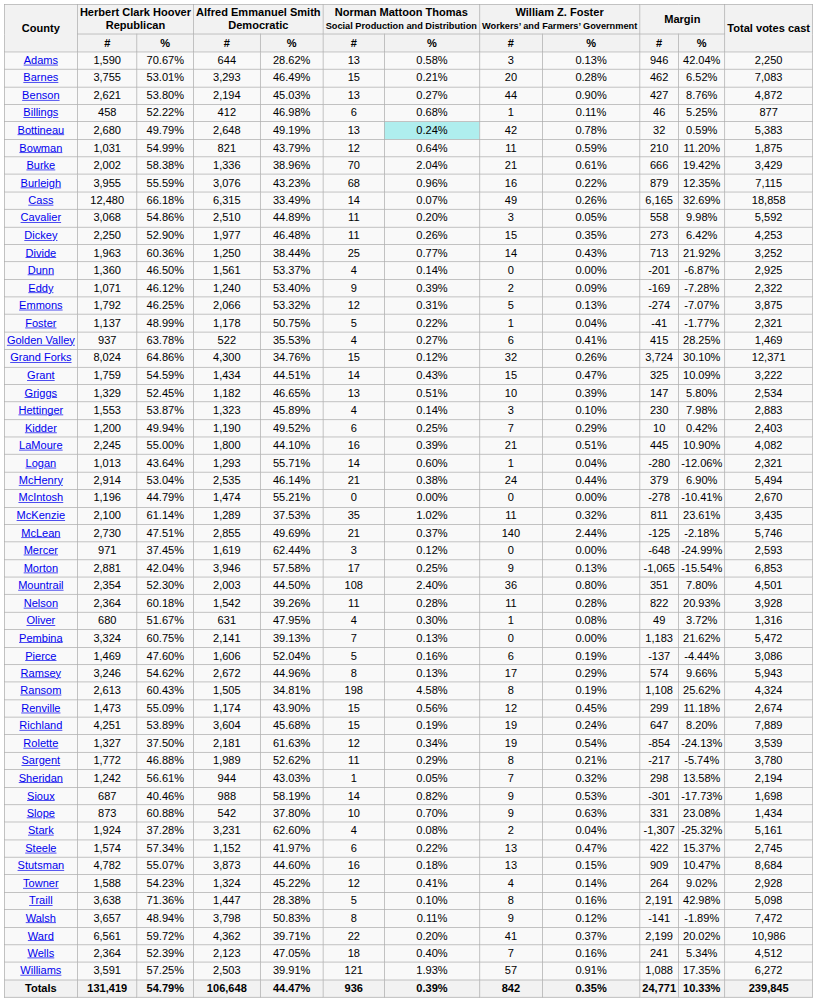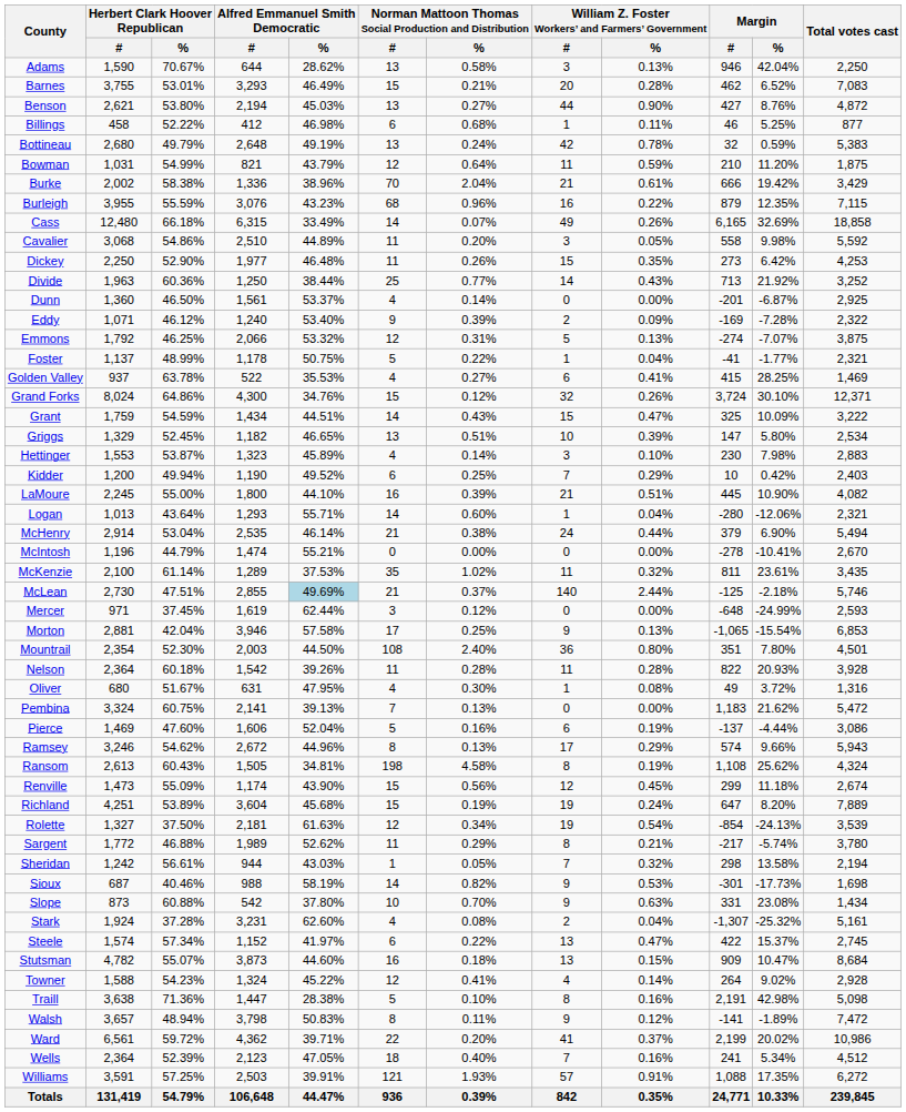 <table class="wikitable sortable">
 <tr>
 <th rowspan="2">County</th>
 <th colspan="2">Herbert Clark Hoover<br>Republican</th>
 <th colspan="2">Alfred Emmanuel Smith<br>Democratic</th>
 <th colspan="2">Norman Mattoon Thomas<br><small>Social Production and Distribution</small></th>
 <th colspan="2">William Z. Foster<br><small>Workers’ and Farmers’ Government</small></th>
 <th colspan="2">Margin</th>
 <th rowspan="2">Total votes cast</th>
 </tr>
 <tr style="text-align:center;">
 <th data-sort-type="number">#</th>
 <th data-sort-type="number">%</th>
 <th data-sort-type="number">#</th>
 <th data-sort-type="number">%</th>
 <th data-sort-type="number">#</th>
 <th data-sort-type="number">%</th>
 <th data-sort-type="number">#</th>
 <th data-sort-type="number">%</th>
 <th data-sort-type="number">#</th>
 <th data-sort-type="number">%</th>
 </tr>
 <tr style="text-align:center;">
 <td><a href='#'>Adams</a></td>
 <td>1,590</td>
 <td>70.67%</td>
 <td>644</td>
 <td>28.62%</td>
 <td>13</td>
 <td>0.58%</td>
 <td>3</td>
 <td>0.13%</td>
 <td>946</td>
 <td>42.04%</td>
 <td>2,250</td>
 </tr>
 <tr style="text-align:center;">
 <td><a href='#'>Barnes</a></td>
 <td>3,755</td>
 <td>53.01%</td>
 <td>3,293</td>
 <td>46.49%</td>
 <td>15</td>
 <td>0.21%</td>
 <td>20</td>
 <td>0.28%</td>
 <td>462</td>
 <td>6.52%</td>
 <td>7,083</td>
 </tr>
 <tr style="text-align:center;">
 <td><a href='#'>Benson</a></td>
 <td>2,621</td>
 <td>53.80%</td>
 <td>2,194</td>
 <td>45.03%</td>
 <td>13</td>
 <td>0.27%</td>
 <td>44</td>
 <td>0.90%</td>
 <td>427</td>
 <td>8.76%</td>
 <td>4,872</td>
 </tr>
 <tr style="text-align:center;">
 <td><a href='#'>Billings</a></td>
 <td>458</td>
 <td>52.22%</td>
 <td>412</td>
 <td>46.98%</td>
 <td>6</td>
 <td>0.68%</td>
 <td>1</td>
 <td>0.11%</td>
 <td>46</td>
 <td>5.25%</td>
 <td>877</td>
 </tr>
 <tr style="text-align:center;">
 <td><a href='#'>Bottineau</a></td>
 <td>2,680</td>
 <td>49.79%</td>
 <td>2,648</td>
 <td>49.19%</td>
 <td>13</td>
-<td style="background: paleturquoise;">0.24%</td>
+<td>0.24%</td>
 <td>42</td>
 <td>0.78%</td>
 <td>32</td>
 <td>0.59%</td>
 <td>5,383</td>
 </tr>
 <tr style="text-align:center;">
 <td><a href='#'>Bowman</a></td>
 <td>1,031</td>
 <td>54.99%</td>
 <td>821</td>
 <td>43.79%</td>
 <td>12</td>
 <td>0.64%</td>
 <td>11</td>
 <td>0.59%</td>
 <td>210</td>
 <td>11.20%</td>
 <td>1,875</td>
 </tr>
 <tr style="text-align:center;">
 <td><a href='#'>Burke</a></td>
 <td>2,002</td>
 <td>58.38%</td>
 <td>1,336</td>
 <td>38.96%</td>
 <td>70</td>
 <td>2.04%</td>
 <td>21</td>
 <td>0.61%</td>
 <td>666</td>
 <td>19.42%</td>
 <td>3,429</td>
 </tr>
 <tr style="text-align:center;">
 <td><a href='#'>Burleigh</a></td>
 <td>3,955</td>
 <td>55.59%</td>
 <td>3,076</td>
 <td>43.23%</td>
 <td>68</td>
 <td>0.96%</td>
 <td>16</td>
 <td>0.22%</td>
 <td>879</td>
 <td>12.35%</td>
 <td>7,115</td>
 </tr>
 <tr style="text-align:center;">
 <td><a href='#'>Cass</a></td>
 <td>12,480</td>
 <td>66.18%</td>
 <td>6,315</td>
 <td>33.49%</td>
 <td>14</td>
 <td>0.07%</td>
 <td>49</td>
 <td>0.26%</td>
 <td>6,165</td>
 <td>32.69%</td>
 <td>18,858</td>
 </tr>
 <tr style="text-align:center;">
 <td><a href='#'>Cavalier</a></td>
 <td>3,068</td>
 <td>54.86%</td>
 <td>2,510</td>
 <td>44.89%</td>
 <td>11</td>
 <td>0.20%</td>
 <td>3</td>
 <td>0.05%</td>
 <td>558</td>
 <td>9.98%</td>
 <td>5,592</td>
 </tr>
 <tr style="text-align:center;">
 <td><a href='#'>Dickey</a></td>
 <td>2,250</td>
 <td>52.90%</td>
 <td>1,977</td>
 <td>46.48%</td>
 <td>11</td>
 <td>0.26%</td>
 <td>15</td>
 <td>0.35%</td>
 <td>273</td>
 <td>6.42%</td>
 <td>4,253</td>
 </tr>
 <tr style="text-align:center;">
 <td><a href='#'>Divide</a></td>
 <td>1,963</td>
 <td>60.36%</td>
 <td>1,250</td>
 <td>38.44%</td>
 <td>25</td>
 <td>0.77%</td>
 <td>14</td>
 <td>0.43%</td>
 <td>713</td>
 <td>21.92%</td>
 <td>3,252</td>
 </tr>
 <tr style="text-align:center;">
 <td><a href='#'>Dunn</a></td>
 <td>1,360</td>
 <td>46.50%</td>
 <td>1,561</td>
 <td>53.37%</td>
 <td>4</td>
 <td>0.14%</td>
 <td>0</td>
 <td>0.00%</td>
 <td>-201</td>
 <td>-6.87%</td>
 <td>2,925</td>
 </tr>
 <tr style="text-align:center;">
 <td><a href='#'>Eddy</a></td>
 <td>1,071</td>
 <td>46.12%</td>
 <td>1,240</td>
 <td>53.40%</td>
 <td>9</td>
 <td>0.39%</td>
 <td>2</td>
 <td>0.09%</td>
 <td>-169</td>
 <td>-7.28%</td>
 <td>2,322</td>
 </tr>
 <tr style="text-align:center;">
 <td><a href='#'>Emmons</a></td>
 <td>1,792</td>
 <td>46.25%</td>
 <td>2,066</td>
 <td>53.32%</td>
 <td>12</td>
 <td>0.31%</td>
 <td>5</td>
 <td>0.13%</td>
 <td>-274</td>
 <td>-7.07%</td>
 <td>3,875</td>
 </tr>
 <tr style="text-align:center;">
 <td><a href='#'>Foster</a></td>
 <td>1,137</td>
 <td>48.99%</td>
 <td>1,178</td>
 <td>50.75%</td>
 <td>5</td>
 <td>0.22%</td>
 <td>1</td>
 <td>0.04%</td>
 <td>-41</td>
 <td>-1.77%</td>
 <td>2,321</td>
 </tr>
 <tr style="text-align:center;">
 <td><a href='#'>Golden Valley</a></td>
 <td>937</td>
 <td>63.78%</td>
 <td>522</td>
 <td>35.53%</td>
 <td>4</td>
 <td>0.27%</td>
 <td>6</td>
 <td>0.41%</td>
 <td>415</td>
 <td>28.25%</td>
 <td>1,469</td>
 </tr>
 <tr style="text-align:center;">
 <td><a href='#'>Grand Forks</a></td>
 <td>8,024</td>
 <td>64.86%</td>
 <td>4,300</td>
 <td>34.76%</td>
 <td>15</td>
 <td>0.12%</td>
 <td>32</td>
 <td>0.26%</td>
 <td>3,724</td>
 <td>30.10%</td>
 <td>12,371</td>
 </tr>
 <tr style="text-align:center;">
 <td><a href='#'>Grant</a></td>
 <td>1,759</td>
 <td>54.59%</td>
 <td>1,434</td>
 <td>44.51%</td>
 <td>14</td>
 <td>0.43%</td>
 <td>15</td>
 <td>0.47%</td>
 <td>325</td>
 <td>10.09%</td>
 <td>3,222</td>
 </tr>
 <tr style="text-align:center;">
 <td><a href='#'>Griggs</a></td>
 <td>1,329</td>
 <td>52.45%</td>
 <td>1,182</td>
 <td>46.65%</td>
 <td>13</td>
 <td>0.51%</td>
 <td>10</td>
 <td>0.39%</td>
 <td>147</td>
 <td>5.80%</td>
 <td>2,534</td>
 </tr>
 <tr style="text-align:center;">
 <td><a href='#'>Hettinger</a></td>
 <td>1,553</td>
 <td>53.87%</td>
 <td>1,323</td>
 <td>45.89%</td>
 <td>4</td>
 <td>0.14%</td>
 <td>3</td>
 <td>0.10%</td>
 <td>230</td>
 <td>7.98%</td>
 <td>2,883</td>
 </tr>
 <tr style="text-align:center;">
 <td><a href='#'>Kidder</a></td>
 <td>1,200</td>
 <td>49.94%</td>
 <td>1,190</td>
 <td>49.52%</td>
 <td>6</td>
 <td>0.25%</td>
 <td>7</td>
 <td>0.29%</td>
 <td>10</td>
 <td>0.42%</td>
 <td>2,403</td>
 </tr>
 <tr style="text-align:center;">
 <td><a href='#'>LaMoure</a></td>
 <td>2,245</td>
 <td>55.00%</td>
 <td>1,800</td>
 <td>44.10%</td>
 <td>16</td>
 <td>0.39%</td>
 <td>21</td>
 <td>0.51%</td>
 <td>445</td>
 <td>10.90%</td>
 <td>4,082</td>
 </tr>
 <tr style="text-align:center;">
 <td><a href='#'>Logan</a></td>
 <td>1,013</td>
 <td>43.64%</td>
 <td>1,293</td>
 <td>55.71%</td>
 <td>14</td>
 <td>0.60%</td>
 <td>1</td>
 <td>0.04%</td>
 <td>-280</td>
 <td>-12.06%</td>
 <td>2,321</td>
 </tr>
 <tr style="text-align:center;">
 <td><a href='#'>McHenry</a></td>
 <td>2,914</td>
 <td>53.04%</td>
 <td>2,535</td>
 <td>46.14%</td>
 <td>21</td>
 <td>0.38%</td>
 <td>24</td>
 <td>0.44%</td>
 <td>379</td>
 <td>6.90%</td>
 <td>5,494</td>
 </tr>
 <tr style="text-align:center;">
 <td><a href='#'>McIntosh</a></td>
 <td>1,196</td>
 <td>44.79%</td>
 <td>1,474</td>
 <td>55.21%</td>
 <td>0</td>
 <td>0.00%</td>
 <td>0</td>
 <td>0.00%</td>
 <td>-278</td>
 <td>-10.41%</td>
 <td>2,670</td>
 </tr>
 <tr style="text-align:center;">
 <td><a href='#'>McKenzie</a></td>
 <td>2,100</td>
 <td>61.14%</td>
 <td>1,289</td>
 <td>37.53%</td>
 <td>35</td>
 <td>1.02%</td>
 <td>11</td>
 <td>0.32%</td>
 <td>811</td>
 <td>23.61%</td>
 <td>3,435</td>
 </tr>
 <tr style="text-align:center;">
 <td><a href='#'>McLean</a></td>
 <td>2,730</td>
 <td>47.51%</td>
 <td>2,855</td>
-<td>49.69%</td>
+<td style="background: lightblue;">49.69%</td>
 <td>21</td>
 <td>0.37%</td>
 <td>140</td>
 <td>2.44%</td>
 <td>-125</td>
 <td>-2.18%</td>
 <td>5,746</td>
 </tr>
 <tr style="text-align:center;">
 <td><a href='#'>Mercer</a></td>
 <td>971</td>
 <td>37.45%</td>
 <td>1,619</td>
 <td>62.44%</td>
 <td>3</td>
 <td>0.12%</td>
 <td>0</td>
 <td>0.00%</td>
 <td>-648</td>
 <td>-24.99%</td>
 <td>2,593</td>
 </tr>
 <tr style="text-align:center;">
 <td><a href='#'>Morton</a></td>
 <td>2,881</td>
 <td>42.04%</td>
 <td>3,946</td>
 <td>57.58%</td>
 <td>17</td>
 <td>0.25%</td>
 <td>9</td>
 <td>0.13%</td>
 <td>-1,065</td>
 <td>-15.54%</td>
 <td>6,853</td>
 </tr>
 <tr style="text-align:center;">
 <td><a href='#'>Mountrail</a></td>
 <td>2,354</td>
 <td>52.30%</td>
 <td>2,003</td>
 <td>44.50%</td>
 <td>108</td>
 <td>2.40%</td>
 <td>36</td>
 <td>0.80%</td>
 <td>351</td>
 <td>7.80%</td>
 <td>4,501</td>
 </tr>
 <tr style="text-align:center;">
 <td><a href='#'>Nelson</a></td>
 <td>2,364</td>
 <td>60.18%</td>
 <td>1,542</td>
 <td>39.26%</td>
 <td>11</td>
 <td>0.28%</td>
 <td>11</td>
 <td>0.28%</td>
 <td>822</td>
 <td>20.93%</td>
 <td>3,928</td>
 </tr>
 <tr style="text-align:center;">
 <td><a href='#'>Oliver</a></td>
 <td>680</td>
 <td>51.67%</td>
 <td>631</td>
 <td>47.95%</td>
 <td>4</td>
 <td>0.30%</td>
 <td>1</td>
 <td>0.08%</td>
 <td>49</td>
 <td>3.72%</td>
 <td>1,316</td>
 </tr>
 <tr style="text-align:center;">
 <td><a href='#'>Pembina</a></td>
 <td>3,324</td>
 <td>60.75%</td>
 <td>2,141</td>
 <td>39.13%</td>
 <td>7</td>
 <td>0.13%</td>
 <td>0</td>
 <td>0.00%</td>
 <td>1,183</td>
 <td>21.62%</td>
 <td>5,472</td>
 </tr>
 <tr style="text-align:center;">
 <td><a href='#'>Pierce</a></td>
 <td>1,469</td>
 <td>47.60%</td>
 <td>1,606</td>
 <td>52.04%</td>
 <td>5</td>
 <td>0.16%</td>
 <td>6</td>
 <td>0.19%</td>
 <td>-137</td>
 <td>-4.44%</td>
 <td>3,086</td>
 </tr>
 <tr style="text-align:center;">
 <td><a href='#'>Ramsey</a></td>
 <td>3,246</td>
 <td>54.62%</td>
 <td>2,672</td>
 <td>44.96%</td>
 <td>8</td>
 <td>0.13%</td>
 <td>17</td>
 <td>0.29%</td>
 <td>574</td>
 <td>9.66%</td>
 <td>5,943</td>
 </tr>
 <tr style="text-align:center;">
 <td><a href='#'>Ransom</a></td>
 <td>2,613</td>
 <td>60.43%</td>
 <td>1,505</td>
 <td>34.81%</td>
 <td>198</td>
 <td>4.58%</td>
 <td>8</td>
 <td>0.19%</td>
 <td>1,108</td>
 <td>25.62%</td>
 <td>4,324</td>
 </tr>
 <tr style="text-align:center;">
 <td><a href='#'>Renville</a></td>
 <td>1,473</td>
 <td>55.09%</td>
 <td>1,174</td>
 <td>43.90%</td>
 <td>15</td>
 <td>0.56%</td>
 <td>12</td>
 <td>0.45%</td>
 <td>299</td>
 <td>11.18%</td>
 <td>2,674</td>
 </tr>
 <tr style="text-align:center;">
 <td><a href='#'>Richland</a></td>
 <td>4,251</td>
 <td>53.89%</td>
 <td>3,604</td>
 <td>45.68%</td>
 <td>15</td>
 <td>0.19%</td>
 <td>19</td>
 <td>0.24%</td>
 <td>647</td>
 <td>8.20%</td>
 <td>7,889</td>
 </tr>
 <tr style="text-align:center;">
 <td><a href='#'>Rolette</a></td>
 <td>1,327</td>
 <td>37.50%</td>
 <td>2,181</td>
 <td>61.63%</td>
 <td>12</td>
 <td>0.34%</td>
 <td>19</td>
 <td>0.54%</td>
 <td>-854</td>
 <td>-24.13%</td>
 <td>3,539</td>
 </tr>
 <tr style="text-align:center;">
 <td><a href='#'>Sargent</a></td>
 <td>1,772</td>
 <td>46.88%</td>
 <td>1,989</td>
 <td>52.62%</td>
 <td>11</td>
 <td>0.29%</td>
 <td>8</td>
 <td>0.21%</td>
 <td>-217</td>
 <td>-5.74%</td>
 <td>3,780</td>
 </tr>
 <tr style="text-align:center;">
 <td><a href='#'>Sheridan</a></td>
 <td>1,242</td>
 <td>56.61%</td>
 <td>944</td>
 <td>43.03%</td>
 <td>1</td>
 <td>0.05%</td>
 <td>7</td>
 <td>0.32%</td>
 <td>298</td>
 <td>13.58%</td>
 <td>2,194</td>
 </tr>
 <tr style="text-align:center;">
 <td><a href='#'>Sioux</a></td>
 <td>687</td>
 <td>40.46%</td>
 <td>988</td>
 <td>58.19%</td>
 <td>14</td>
 <td>0.82%</td>
 <td>9</td>
 <td>0.53%</td>
 <td>-301</td>
 <td>-17.73%</td>
 <td>1,698</td>
 </tr>
 <tr style="text-align:center;">
 <td><a href='#'>Slope</a></td>
 <td>873</td>
 <td>60.88%</td>
 <td>542</td>
 <td>37.80%</td>
 <td>10</td>
 <td>0.70%</td>
 <td>9</td>
 <td>0.63%</td>
 <td>331</td>
 <td>23.08%</td>
 <td>1,434</td>
 </tr>
 <tr style="text-align:center;">
 <td><a href='#'>Stark</a></td>
 <td>1,924</td>
 <td>37.28%</td>
 <td>3,231</td>
 <td>62.60%</td>
 <td>4</td>
 <td>0.08%</td>
 <td>2</td>
 <td>0.04%</td>
 <td>-1,307</td>
 <td>-25.32%</td>
 <td>5,161</td>
 </tr>
 <tr style="text-align:center;">
 <td><a href='#'>Steele</a></td>
 <td>1,574</td>
 <td>57.34%</td>
 <td>1,152</td>
 <td>41.97%</td>
 <td>6</td>
 <td>0.22%</td>
 <td>13</td>
 <td>0.47%</td>
 <td>422</td>
 <td>15.37%</td>
 <td>2,745</td>
 </tr>
 <tr style="text-align:center;">
 <td><a href='#'>Stutsman</a></td>
 <td>4,782</td>
 <td>55.07%</td>
 <td>3,873</td>
 <td>44.60%</td>
 <td>16</td>
 <td>0.18%</td>
 <td>13</td>
 <td>0.15%</td>
 <td>909</td>
 <td>10.47%</td>
 <td>8,684</td>
 </tr>
 <tr style="text-align:center;">
 <td><a href='#'>Towner</a></td>
 <td>1,588</td>
 <td>54.23%</td>
 <td>1,324</td>
 <td>45.22%</td>
 <td>12</td>
 <td>0.41%</td>
 <td>4</td>
 <td>0.14%</td>
 <td>264</td>
 <td>9.02%</td>
 <td>2,928</td>
 </tr>
 <tr style="text-align:center;">
 <td><a href='#'>Traill</a></td>
 <td>3,638</td>
 <td>71.36%</td>
 <td>1,447</td>
 <td>28.38%</td>
 <td>5</td>
 <td>0.10%</td>
 <td>8</td>
 <td>0.16%</td>
 <td>2,191</td>
 <td>42.98%</td>
 <td>5,098</td>
 </tr>
 <tr style="text-align:center;">
 <td><a href='#'>Walsh</a></td>
 <td>3,657</td>
 <td>48.94%</td>
 <td>3,798</td>
 <td>50.83%</td>
 <td>8</td>
 <td>0.11%</td>
 <td>9</td>
 <td>0.12%</td>
 <td>-141</td>
 <td>-1.89%</td>
 <td>7,472</td>
 </tr>
 <tr style="text-align:center;">
 <td><a href='#'>Ward</a></td>
 <td>6,561</td>
 <td>59.72%</td>
 <td>4,362</td>
 <td>39.71%</td>
 <td>22</td>
 <td>0.20%</td>
 <td>41</td>
 <td>0.37%</td>
 <td>2,199</td>
 <td>20.02%</td>
 <td>10,986</td>
 </tr>
 <tr style="text-align:center;">
 <td><a href='#'>Wells</a></td>
 <td>2,364</td>
 <td>52.39%</td>
 <td>2,123</td>
 <td>47.05%</td>
 <td>18</td>
 <td>0.40%</td>
 <td>7</td>
 <td>0.16%</td>
 <td>241</td>
 <td>5.34%</td>
 <td>4,512</td>
 </tr>
 <tr style="text-align:center;">
 <td><a href='#'>Williams</a></td>
 <td>3,591</td>
 <td>57.25%</td>
 <td>2,503</td>
 <td>39.91%</td>
 <td>121</td>
 <td>1.93%</td>
 <td>57</td>
 <td>0.91%</td>
 <td>1,088</td>
 <td>17.35%</td>
 <td>6,272</td>
 </tr>
 <tr style="text-align:center;">
 <th>Totals</th>
 <th>131,419</th>
 <th>54.79%</th>
 <th>106,648</th>
 <th>44.47%</th>
 <th>936</th>
 <th>0.39%</th>
 <th>842</th>
 <th>0.35%</th>
 <th>24,771</th>
 <th>10.33%</th>
 <th>239,845</th>
 </tr>
 </table>
